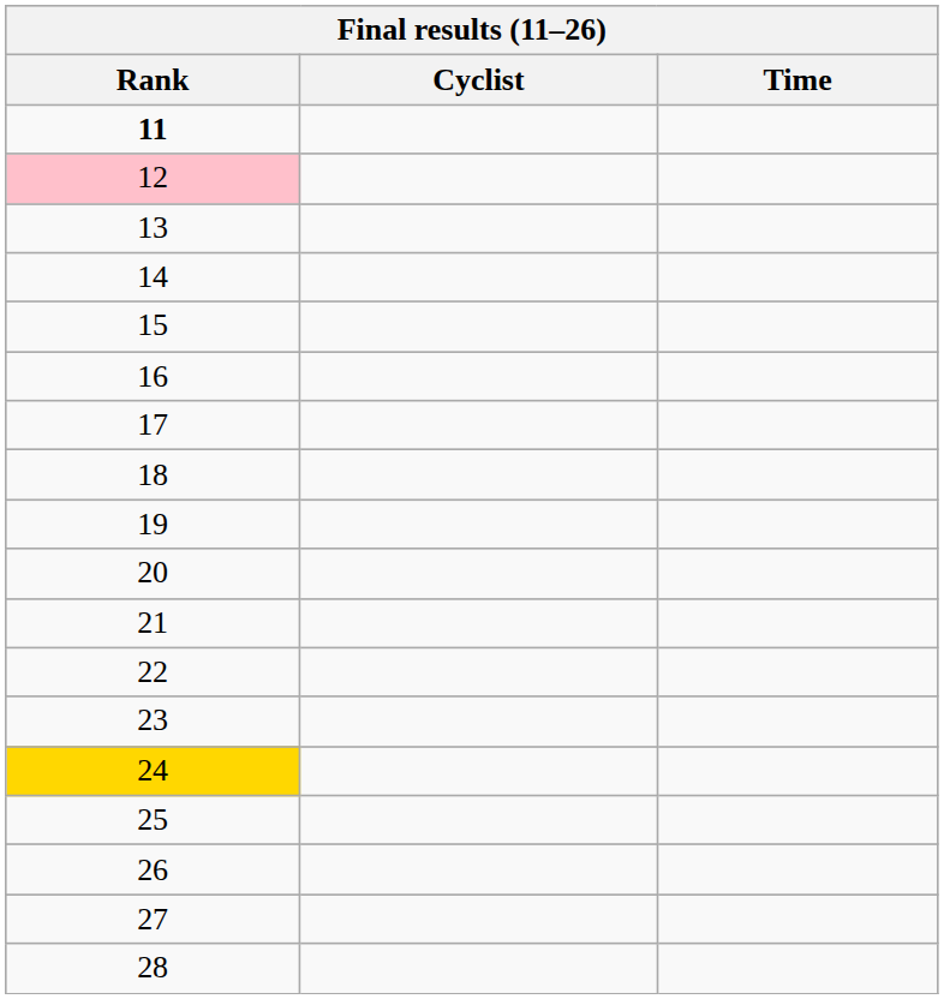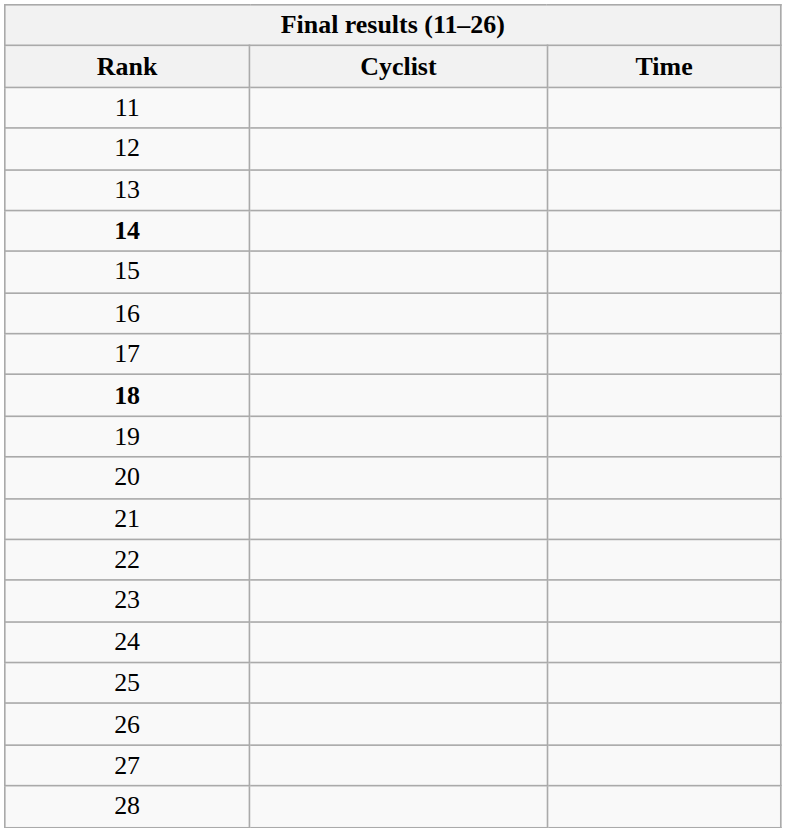 <table class="collapsible collapsed wikitable" style="width:30em;margin-top:0;">
 <tr>
 <th colspan=4>Final results (11–26)</th>
 </tr>
 <tr>
 <th>Rank</th>
 <th>Cyclist</th>
 <th>Time</th>
 </tr>
 <tr>
-<td style="text-align:center;"><strong>11</strong></td>
+<td style="text-align:center;">11</td>
 <td></td>
 <td align="right"></td>
 </tr>
 <tr>
-<td style="background: pink; text-align:center;">12</td>
+<td style="text-align:center;">12</td>
 <td></td>
 <td align="right"></td>
 </tr>
 <tr>
 <td style="text-align:center;">13</td>
 <td></td>
 <td align="right"></td>
 </tr>
 <tr>
-<td style="text-align:center;">14</td>
+<td style="text-align:center;"><strong>14</strong></td>
 <td></td>
 <td align="right"></td>
 </tr>
 <tr>
 <td style="text-align:center;">15</td>
 <td></td>
 <td align="right"></td>
 </tr>
 <tr>
 <td style="text-align:center;">16</td>
 <td></td>
 <td align="right"></td>
 </tr>
 <tr>
 <td style="text-align:center;">17</td>
 <td></td>
 <td align="right"></td>
 </tr>
 <tr>
-<td style="text-align:center;">18</td>
+<td style="text-align:center;"><strong>18</strong></td>
 <td></td>
 <td align="right"></td>
 </tr>
 <tr>
 <td style="text-align:center;">19</td>
 <td></td>
 <td align="right"></td>
 </tr>
 <tr>
 <td style="text-align:center;">20</td>
 <td></td>
 <td align="right"></td>
 </tr>
 <tr>
 <td style="text-align:center;">21</td>
 <td></td>
 <td align="right"></td>
 </tr>
 <tr>
 <td style="text-align:center;">22</td>
 <td></td>
 <td align="right"></td>
 </tr>
 <tr>
 <td style="text-align:center;">23</td>
 <td></td>
 <td align="right"></td>
 </tr>
 <tr>
-<td style="background: gold; text-align:center;">24</td>
+<td style="text-align:center;">24</td>
 <td></td>
 <td align="right"></td>
 </tr>
 <tr>
 <td style="text-align:center;">25</td>
 <td></td>
 <td align="right"></td>
 </tr>
 <tr>
 <td style="text-align:center;">26</td>
 <td></td>
 <td align="right"></td>
 </tr>
 <tr>
 <td style="text-align:center;">27</td>
 <td></td>
 <td align="right"></td>
 </tr>
 <tr>
 <td style="text-align:center;">28</td>
 <td></td>
 <td align="right"></td>
 </tr>
 </table>
